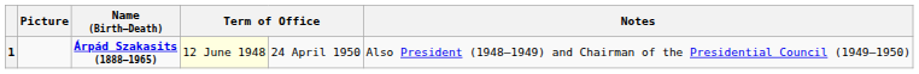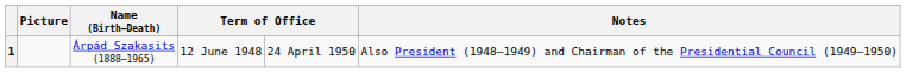 <table class="wikitable" style="text-align:center;">
 <tr>
 <th></th>
 <th>Picture</th>
 <th>Name<br><small>(Birth–Death)</small></th>
 <th colspan=2>Term of Office</th>
 <th>Notes</th>
 </tr>
 <tr>
 <th style="background-color:">1</th>
 <td></td>
-<td><strong><a href='#'>Árpád Szakasits</a><br><small>(1888–1965)</small></strong></td>
-<td style="background: lightyellow;">12 June 1948</td>
+<td><a href='#'>Árpád Szakasits</a><br><small>(1888–1965)</small></td>
+<td>12 June 1948</td>
 <td>24 April 1950</td>
 <td>Also <a href='#'>President</a> (1948–1949) and Chairman of the <a href='#'>Presidential Council</a> (1949–1950)</td>
 </tr>
 </table>
